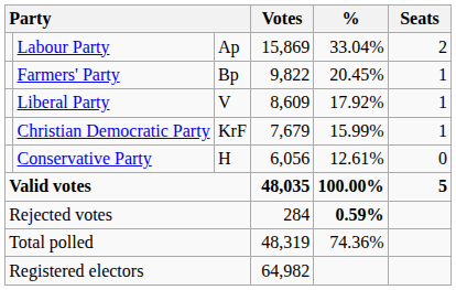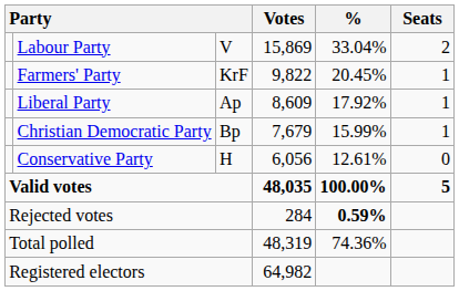 <table class="wikitable" border="1" style="text-align:right;">
 <tr>
 <th style="text-align:left;" colspan=3>Party</th>
 <th align=center width="50">Votes</th>
 <th align=center width="50">%</th>
 <th align=center width="50">Seats</th>
 </tr>
 <tr>
 <td style="color:inherit;background:"></td>
 <td align=left><a href='#'>Labour Party</a></td>
-<td align=left>Ap</td>
+<td align=left>V</td>
 <td>15,869</td>
 <td>33.04%</td>
 <td>2</td>
 </tr>
 <tr>
 <td style="color:inherit;background:"></td>
 <td align=left><a href='#'>Farmers' Party</a></td>
-<td align=left>Bp</td>
+<td align=left>KrF</td>
 <td>9,822</td>
 <td>20.45%</td>
 <td>1</td>
 </tr>
 <tr>
 <td style="color:inherit;background:"></td>
 <td align=left><a href='#'>Liberal Party</a></td>
-<td align=left>V</td>
+<td align=left>Ap</td>
 <td>8,609</td>
 <td>17.92%</td>
 <td>1</td>
 </tr>
 <tr>
 <td style="color:inherit;background:"></td>
 <td align=left><a href='#'>Christian Democratic Party</a></td>
-<td align=left>KrF</td>
+<td align=left>Bp</td>
 <td>7,679</td>
 <td>15.99%</td>
 <td>1</td>
 </tr>
 <tr>
 <td style="color:inherit;background:"></td>
 <td align=left><a href='#'>Conservative Party</a></td>
 <td align=left>H</td>
 <td>6,056</td>
 <td>12.61%</td>
 <td>0</td>
 </tr>
 <tr style="font-weight:bold">
 <td align=left colspan=3>Valid votes</td>
 <td>48,035</td>
 <td>100.00%</td>
 <td>5</td>
 </tr>
 <tr>
 <td align=left colspan=3>Rejected votes</td>
 <td>284</td>
 <td><strong>0.59%</strong></td>
 <td></td>
 </tr>
 <tr>
 <td align=left colspan=3>Total polled</td>
 <td>48,319</td>
 <td>74.36%</td>
 <td></td>
 </tr>
 <tr>
 <td align=left colspan=3>Registered electors</td>
 <td>64,982</td>
 <td></td>
 <td></td>
 </tr>
 </table>
